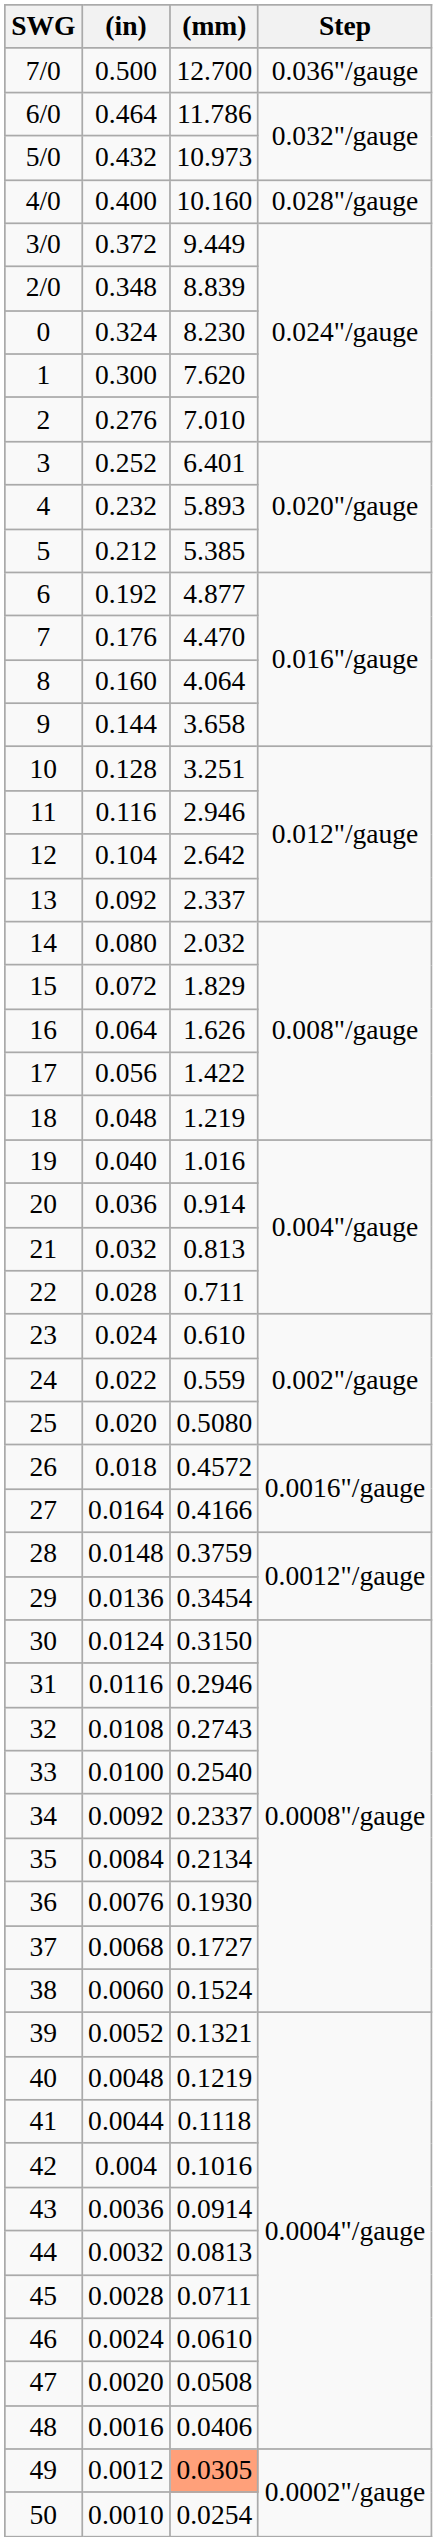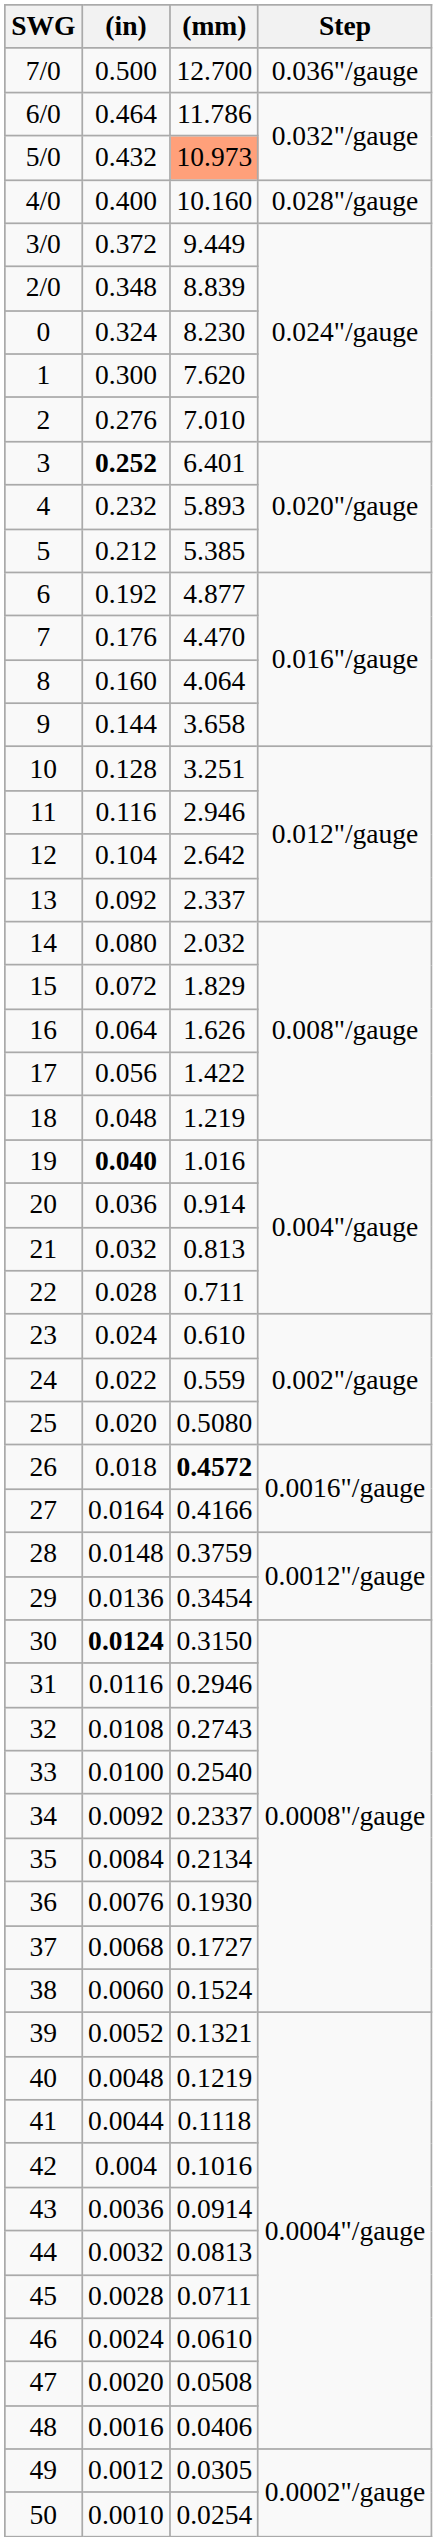 <table class="wikitable" style="text-align:center">
 <tr>
 <th>SWG</th>
 <th>(in)</th>
 <th>(mm)</th>
 <th>Step</th>
 </tr>
 <tr>
 <td>7/0</td>
 <td>0.500</td>
 <td>12.700</td>
 <td>0.036"/gauge</td>
 </tr>
 <tr>
 <td>6/0</td>
 <td>0.464</td>
 <td>11.786</td>
 <td rowspan=2>0.032"/gauge</td>
 </tr>
 <tr>
 <td>5/0</td>
 <td>0.432</td>
-<td>10.973</td>
+<td style="background: lightsalmon;">10.973</td>
 </tr>
 <tr>
 <td>4/0</td>
 <td>0.400</td>
 <td>10.160</td>
 <td>0.028"/gauge</td>
 </tr>
 <tr>
 <td>3/0</td>
 <td>0.372</td>
 <td>9.449</td>
 <td rowspan=5>0.024"/gauge</td>
 </tr>
 <tr>
 <td>2/0</td>
 <td>0.348</td>
 <td>8.839</td>
 </tr>
 <tr>
 <td>0</td>
 <td>0.324</td>
 <td>8.230</td>
 </tr>
 <tr>
 <td>1</td>
 <td>0.300</td>
 <td>7.620</td>
 </tr>
 <tr>
 <td>2</td>
 <td>0.276</td>
 <td>7.010</td>
 </tr>
 <tr>
 <td>3</td>
-<td>0.252</td>
+<td><strong>0.252</strong></td>
 <td>6.401</td>
 <td rowspan=3>0.020"/gauge</td>
 </tr>
 <tr>
 <td>4</td>
 <td>0.232</td>
 <td>5.893</td>
 </tr>
 <tr>
 <td>5</td>
 <td>0.212</td>
 <td>5.385</td>
 </tr>
 <tr>
 <td>6</td>
 <td>0.192</td>
 <td>4.877</td>
 <td rowspan=4>0.016"/gauge</td>
 </tr>
 <tr>
 <td>7</td>
 <td>0.176</td>
 <td>4.470</td>
 </tr>
 <tr>
 <td>8</td>
 <td>0.160</td>
 <td>4.064</td>
 </tr>
 <tr>
 <td>9</td>
 <td>0.144</td>
 <td>3.658</td>
 </tr>
 <tr>
 <td>10</td>
 <td>0.128</td>
 <td>3.251</td>
 <td rowspan=4>0.012"/gauge</td>
 </tr>
 <tr>
 <td>11</td>
 <td>0.116</td>
 <td>2.946</td>
 </tr>
 <tr>
 <td>12</td>
 <td>0.104</td>
 <td>2.642</td>
 </tr>
 <tr>
 <td>13</td>
 <td>0.092</td>
 <td>2.337</td>
 </tr>
 <tr>
 <td>14</td>
 <td>0.080</td>
 <td>2.032</td>
 <td rowspan=5>0.008"/gauge</td>
 </tr>
 <tr>
 <td>15</td>
 <td>0.072</td>
 <td>1.829</td>
 </tr>
 <tr>
 <td>16</td>
 <td>0.064</td>
 <td>1.626</td>
 </tr>
 <tr>
 <td>17</td>
 <td>0.056</td>
 <td>1.422</td>
 </tr>
 <tr>
 <td>18</td>
 <td>0.048</td>
 <td>1.219</td>
 </tr>
 <tr>
 <td>19</td>
-<td>0.040</td>
+<td><strong>0.040</strong></td>
 <td>1.016</td>
 <td rowspan=4>0.004"/gauge</td>
 </tr>
 <tr>
 <td>20</td>
 <td>0.036</td>
 <td>0.914</td>
 </tr>
 <tr>
 <td>21</td>
 <td>0.032</td>
 <td>0.813</td>
 </tr>
 <tr>
 <td>22</td>
 <td>0.028</td>
 <td>0.711</td>
 </tr>
 <tr>
 <td>23</td>
 <td>0.024</td>
 <td>0.610</td>
 <td rowspan=3>0.002"/gauge</td>
 </tr>
 <tr>
 <td>24</td>
 <td>0.022</td>
 <td>0.559</td>
 </tr>
 <tr>
 <td>25</td>
 <td>0.020</td>
 <td>0.5080</td>
 </tr>
 <tr>
 <td>26</td>
 <td>0.018</td>
-<td>0.4572</td>
+<td><strong>0.4572</strong></td>
 <td rowspan=2>0.0016"/gauge</td>
 </tr>
 <tr>
 <td>27</td>
 <td>0.0164</td>
 <td>0.4166</td>
 </tr>
 <tr>
 <td>28</td>
 <td>0.0148</td>
 <td>0.3759</td>
 <td rowspan=2>0.0012"/gauge</td>
 </tr>
 <tr>
 <td>29</td>
 <td>0.0136</td>
 <td>0.3454</td>
 </tr>
 <tr>
 <td>30</td>
-<td>0.0124</td>
+<td><strong>0.0124</strong></td>
 <td>0.3150</td>
 <td rowspan=9>0.0008"/gauge</td>
 </tr>
 <tr>
 <td>31</td>
 <td>0.0116</td>
 <td>0.2946</td>
 </tr>
 <tr>
 <td>32</td>
 <td>0.0108</td>
 <td>0.2743</td>
 </tr>
 <tr>
 <td>33</td>
 <td>0.0100</td>
 <td>0.2540</td>
 </tr>
 <tr>
 <td>34</td>
 <td>0.0092</td>
 <td>0.2337</td>
 </tr>
 <tr>
 <td>35</td>
 <td>0.0084</td>
 <td>0.2134</td>
 </tr>
 <tr>
 <td>36</td>
 <td>0.0076</td>
 <td>0.1930</td>
 </tr>
 <tr>
 <td>37</td>
 <td>0.0068</td>
 <td>0.1727</td>
 </tr>
 <tr>
 <td>38</td>
 <td>0.0060</td>
 <td>0.1524</td>
 </tr>
 <tr>
 <td>39</td>
 <td>0.0052</td>
 <td>0.1321</td>
 <td rowspan=10>0.0004"/gauge</td>
 </tr>
 <tr>
 <td>40</td>
 <td>0.0048</td>
 <td>0.1219</td>
 </tr>
 <tr>
 <td>41</td>
 <td>0.0044</td>
 <td>0.1118</td>
 </tr>
 <tr>
 <td>42</td>
 <td>0.004</td>
 <td>0.1016</td>
 </tr>
 <tr>
 <td>43</td>
 <td>0.0036</td>
 <td>0.0914</td>
 </tr>
 <tr>
 <td>44</td>
 <td>0.0032</td>
 <td>0.0813</td>
 </tr>
 <tr>
 <td>45</td>
 <td>0.0028</td>
 <td>0.0711</td>
 </tr>
 <tr>
 <td>46</td>
 <td>0.0024</td>
 <td>0.0610</td>
 </tr>
 <tr>
 <td>47</td>
 <td>0.0020</td>
 <td>0.0508</td>
 </tr>
 <tr>
 <td>48</td>
 <td>0.0016</td>
 <td>0.0406</td>
 </tr>
 <tr>
 <td>49</td>
 <td>0.0012</td>
-<td style="background: lightsalmon;">0.0305</td>
+<td>0.0305</td>
 <td rowspan=2>0.0002"/gauge</td>
 </tr>
 <tr>
 <td>50</td>
 <td>0.0010</td>
 <td>0.0254</td>
 </tr>
 </table>
